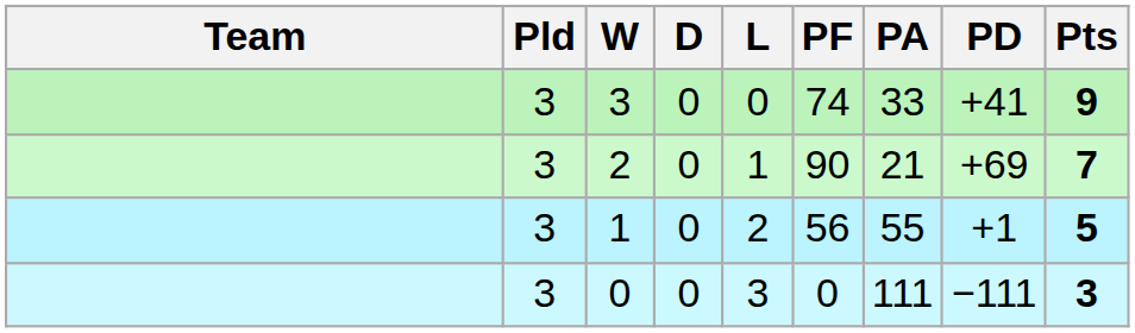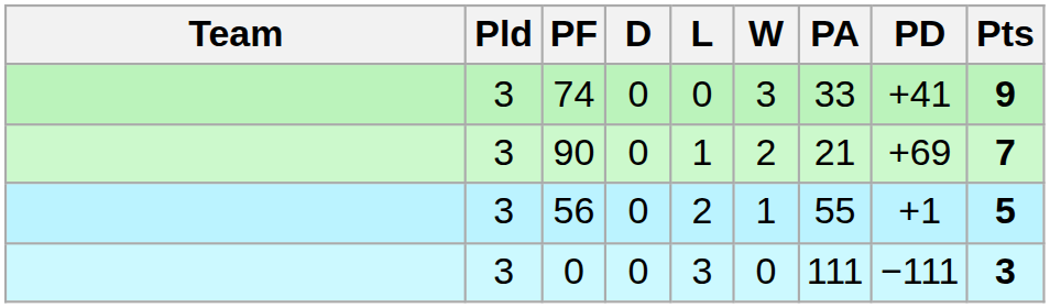 <table class="wikitable" style="text-align:center;">
 <tr>
 <th width=190>Team</th>
 <th width=20 abbr="Played">Pld</th>
-<th width=20 abbr="Won">W</th>
+<th width=20 abbr="Points for">PF</th>
 <th width=20 abbr="Drawn">D</th>
 <th width=20 abbr="Lost">L</th>
-<th width=20 abbr="Points for">PF</th>
+<th width=20 abbr="Won">W</th>
 <th width=20 abbr="Points against">PA</th>
 <th width=25 abbr="Points difference">PD</th>
 <th width=20 abbr="Points">Pts</th>
 </tr>
 <tr bgcolor=BBF3BB>
 <td align=left></td>
 <td>3</td>
-<td>3</td>
+<td>74</td>
 <td>0</td>
 <td>0</td>
-<td>74</td>
+<td>3</td>
 <td>33</td>
 <td>+41</td>
 <td><strong>9</strong></td>
 </tr>
 <tr bgcolor=CCF9CC>
 <td align=left></td>
 <td>3</td>
-<td>2</td>
+<td>90</td>
 <td>0</td>
 <td>1</td>
-<td>90</td>
+<td>2</td>
 <td>21</td>
 <td>+69</td>
 <td><strong>7</strong></td>
 </tr>
 <tr bgcolor=BBF3FF>
 <td align=left></td>
 <td>3</td>
-<td>1</td>
+<td>56</td>
 <td>0</td>
 <td>2</td>
-<td>56</td>
+<td>1</td>
 <td>55</td>
 <td>+1</td>
 <td><strong>5</strong></td>
 </tr>
 <tr bgcolor=CCF9FF>
 <td align=left></td>
 <td>3</td>
 <td>0</td>
 <td>0</td>
 <td>3</td>
 <td>0</td>
 <td>111</td>
 <td>−111</td>
 <td><strong>3</strong></td>
 </tr>
 </table>
